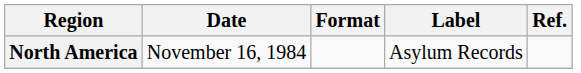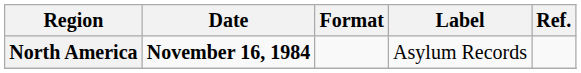 <table class="wikitable plainrowheaders">
 <tr>
 <th scope="col">Region</th>
 <th scope="col">Date</th>
 <th scope="col">Format</th>
 <th scope="col">Label</th>
 <th scope="col">Ref.</th>
 </tr>
 <tr>
 <th scope="row">North America</th>
-<td>November 16, 1984</td>
+<td><strong>November 16, 1984</strong></td>
 <td></td>
 <td>Asylum Records</td>
 <td></td>
 </tr>
 <tr>
 </tr>
 </table>
